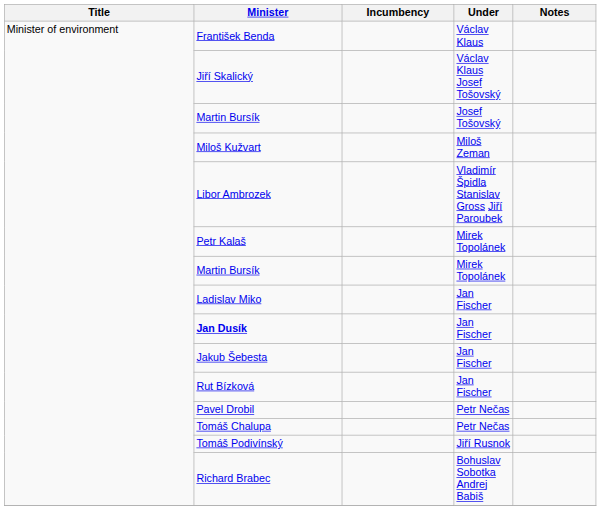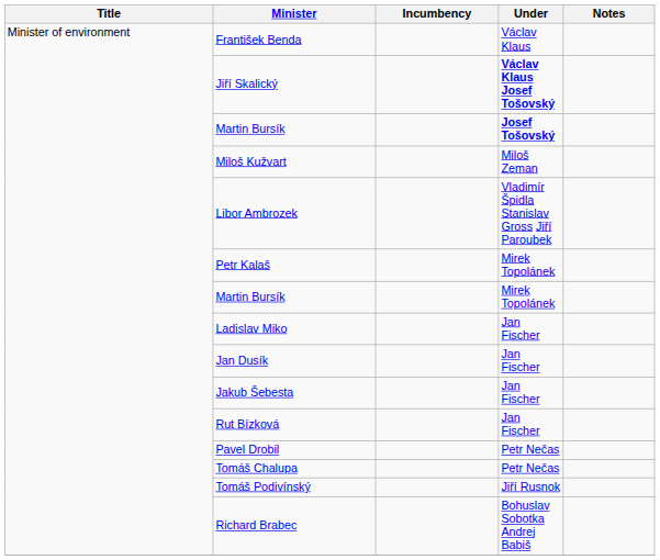 <table class="wikitable" style="width:100%;">
 <tr>
 <th>Title</th>
 <th style="width:25%;"><a href='#'>Minister</a></th>
 <th style="width:160px;">Incumbency</th>
 <th style="width:10%;">Under</th>
 <th style="width:14%;">Notes</th>
 </tr>
 <tr>
 <td rowspan="15" style="vertical-align:top;">Minister of environment</td>
 <td><a href='#'>František Benda</a></td>
 <td></td>
 <td><a href='#'>Václav Klaus</a></td>
 <td></td>
 </tr>
 <tr>
 <td><a href='#'>Jiří Skalický</a></td>
 <td></td>
-<td><a href='#'>Václav Klaus</a> <a href='#'>Josef Tošovský</a></td>
+<td><strong><a href='#'>Václav Klaus</a> <a href='#'>Josef Tošovský</a></strong></td>
 <td></td>
 </tr>
 <tr>
 <td><a href='#'>Martin Bursík</a></td>
 <td></td>
-<td><a href='#'>Josef Tošovský</a></td>
+<td><strong><a href='#'>Josef Tošovský</a></strong></td>
 <td></td>
 </tr>
 <tr>
 <td><a href='#'>Miloš Kužvart</a></td>
 <td></td>
 <td><a href='#'>Miloš Zeman</a></td>
 <td></td>
 </tr>
 <tr>
 <td><a href='#'>Libor Ambrozek</a></td>
 <td></td>
 <td><a href='#'>Vladimír Špidla</a> <a href='#'>Stanislav Gross</a> <a href='#'>Jiří Paroubek</a></td>
 <td></td>
 </tr>
 <tr>
 <td><a href='#'>Petr Kalaš</a></td>
 <td></td>
 <td><a href='#'>Mirek Topolánek</a></td>
 <td></td>
 </tr>
 <tr>
 <td><a href='#'>Martin Bursík</a></td>
 <td></td>
 <td><a href='#'>Mirek Topolánek</a></td>
 <td></td>
 </tr>
 <tr>
 <td><a href='#'>Ladislav Miko</a></td>
 <td></td>
 <td><a href='#'>Jan Fischer</a></td>
 <td></td>
 </tr>
 <tr>
-<td><strong><a href='#'>Jan Dusík</a></strong></td>
+<td><a href='#'>Jan Dusík</a></td>
 <td></td>
 <td><a href='#'>Jan Fischer</a></td>
 <td></td>
 </tr>
 <tr>
 <td><a href='#'>Jakub Šebesta</a></td>
 <td></td>
 <td><a href='#'>Jan Fischer</a></td>
 <td></td>
 </tr>
 <tr>
 <td><a href='#'>Rut Bízková</a></td>
 <td></td>
 <td><a href='#'>Jan Fischer</a></td>
 <td></td>
 </tr>
 <tr>
 <td><a href='#'>Pavel Drobil</a></td>
 <td></td>
 <td><a href='#'>Petr Nečas</a></td>
 <td></td>
 </tr>
 <tr>
 <td><a href='#'>Tomáš Chalupa</a></td>
 <td></td>
 <td><a href='#'>Petr Nečas</a></td>
 <td></td>
 </tr>
 <tr>
 <td><a href='#'>Tomáš Podivínský</a></td>
 <td></td>
 <td><a href='#'>Jiří Rusnok</a></td>
 <td></td>
 </tr>
 <tr>
 <td><a href='#'>Richard Brabec</a></td>
 <td></td>
 <td><a href='#'>Bohuslav Sobotka</a><br><a href='#'>Andrej Babiš</a></td>
 <td></td>
 </tr>
 <tr>
 </tr>
 </table>
